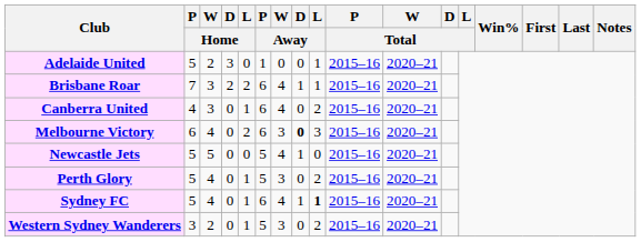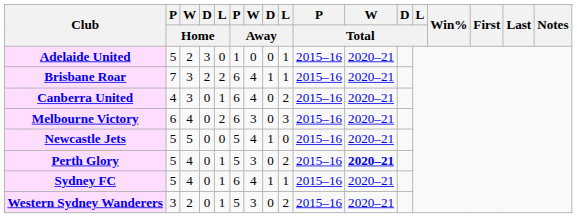 <table class="wikitable plainrowheaders sortable" style="text-align:center">
 <tr>
 <th scope=col rowspan=2>Club</th>
 <th scope=col>P</th>
 <th scope=col>W</th>
 <th scope=col>D</th>
 <th scope=col>L</th>
 <th scope=col>P</th>
 <th scope=col>W</th>
 <th scope=col>D</th>
 <th scope=col>L</th>
 <th scope=col>P</th>
 <th scope=col>W</th>
 <th scope=col>D</th>
 <th scope=col>L</th>
 <th rowspan=2 scope=col>Win%</th>
 <th rowspan=2 scope=col>First</th>
 <th rowspan=2 scope=col>Last</th>
 <th class="unsortable" rowspan=2 scope=col>Notes</th>
 </tr>
 <tr class="unsortable">
 <th colspan=4>Home</th>
 <th colspan=4>Away</th>
 <th colspan=4>Total</th>
 </tr>
 <tr>
 <th scope=row style=background:#FFDDFF><a href='#'>Adelaide United</a> </th>
 <td>5</td>
 <td>2</td>
 <td>3</td>
 <td>0</td>
 <td>1</td>
 <td>0</td>
 <td>0</td>
 <td>1<br></td>
 <td><a href='#'>2015–16</a></td>
 <td><a href='#'>2020–21</a></td>
 <td></td>
 </tr>
 <tr>
 <th scope=row style=background:#FFDDFF><a href='#'>Brisbane Roar</a> </th>
 <td>7</td>
 <td>3</td>
 <td>2</td>
 <td>2</td>
 <td>6</td>
 <td>4</td>
 <td>1</td>
 <td>1<br></td>
 <td><a href='#'>2015–16</a></td>
 <td><a href='#'>2020–21</a></td>
 <td></td>
 </tr>
 <tr>
 <th scope=row style=background:#FFDDFF><a href='#'>Canberra United</a> </th>
 <td>4</td>
 <td>3</td>
 <td>0</td>
 <td>1</td>
 <td>6</td>
 <td>4</td>
 <td>0</td>
 <td>2<br></td>
 <td><a href='#'>2015–16</a></td>
 <td><a href='#'>2020–21</a></td>
 <td></td>
 </tr>
 <tr>
 <th scope=row style=background:#FFDDFF><a href='#'>Melbourne Victory</a> </th>
 <td>6</td>
 <td>4</td>
 <td>0</td>
 <td>2</td>
 <td>6</td>
 <td>3</td>
-<td><strong>0</strong></td>
+<td>0</td>
 <td>3<br></td>
 <td><a href='#'>2015–16</a></td>
 <td><a href='#'>2020–21</a></td>
 <td></td>
 </tr>
 <tr>
 <th scope=row style=background:#FFDDFF><a href='#'>Newcastle Jets</a> </th>
 <td>5</td>
 <td>5</td>
 <td>0</td>
 <td>0</td>
 <td>5</td>
 <td>4</td>
 <td>1</td>
 <td>0<br></td>
 <td><a href='#'>2015–16</a></td>
 <td><a href='#'>2020–21</a></td>
 <td></td>
 </tr>
 <tr>
 <th scope=row style=background:#FFDDFF><a href='#'>Perth Glory</a> </th>
 <td>5</td>
 <td>4</td>
 <td>0</td>
 <td>1</td>
 <td>5</td>
 <td>3</td>
 <td>0</td>
 <td>2<br></td>
 <td><a href='#'>2015–16</a></td>
-<td><a href='#'>2020–21</a></td>
+<td><strong><a href='#'>2020–21</a></strong></td>
 <td></td>
 </tr>
 <tr>
 <th scope=row style=background:#FFDDFF><a href='#'>Sydney FC</a> </th>
 <td>5</td>
 <td>4</td>
 <td>0</td>
 <td>1</td>
 <td>6</td>
 <td>4</td>
 <td>1</td>
-<td><strong>1<br></strong></td>
+<td>1<br></td>
 <td><a href='#'>2015–16</a></td>
 <td><a href='#'>2020–21</a></td>
 <td></td>
 </tr>
 <tr>
 <th scope=row style=background:#FFDDFF><a href='#'>Western Sydney Wanderers</a> </th>
 <td>3</td>
 <td>2</td>
 <td>0</td>
 <td>1</td>
 <td>5</td>
 <td>3</td>
 <td>0</td>
 <td>2<br></td>
 <td><a href='#'>2015–16</a></td>
 <td><a href='#'>2020–21</a></td>
 <td></td>
 </tr>
 </table>
